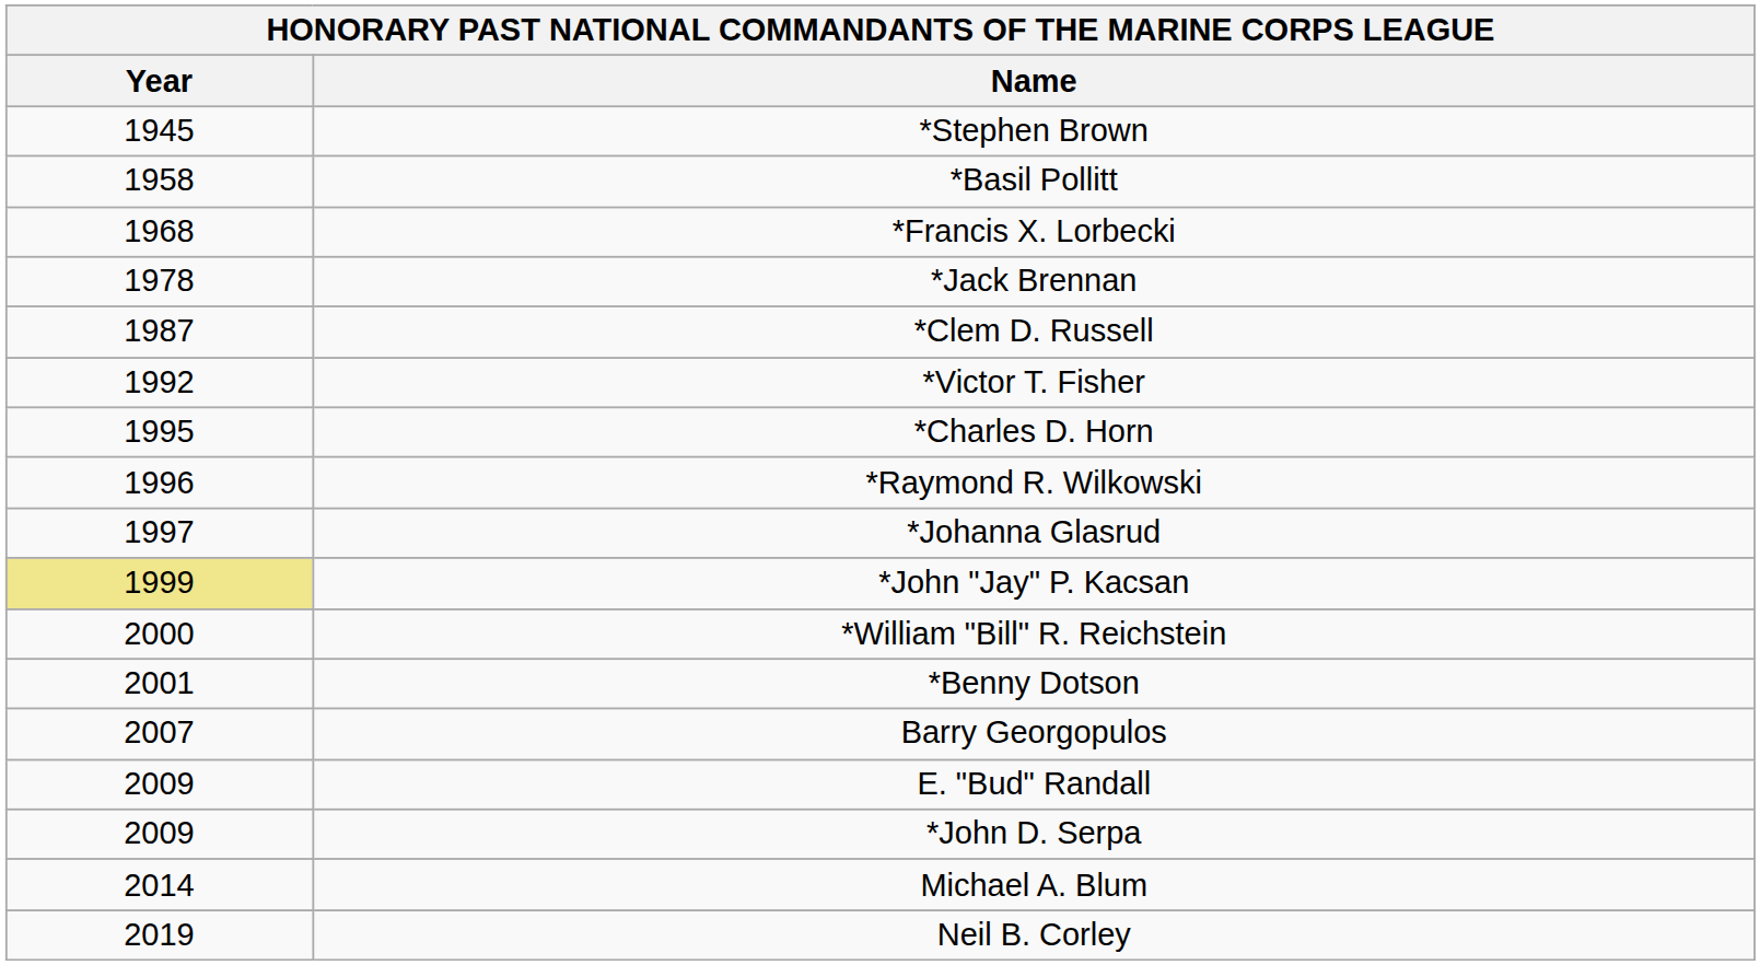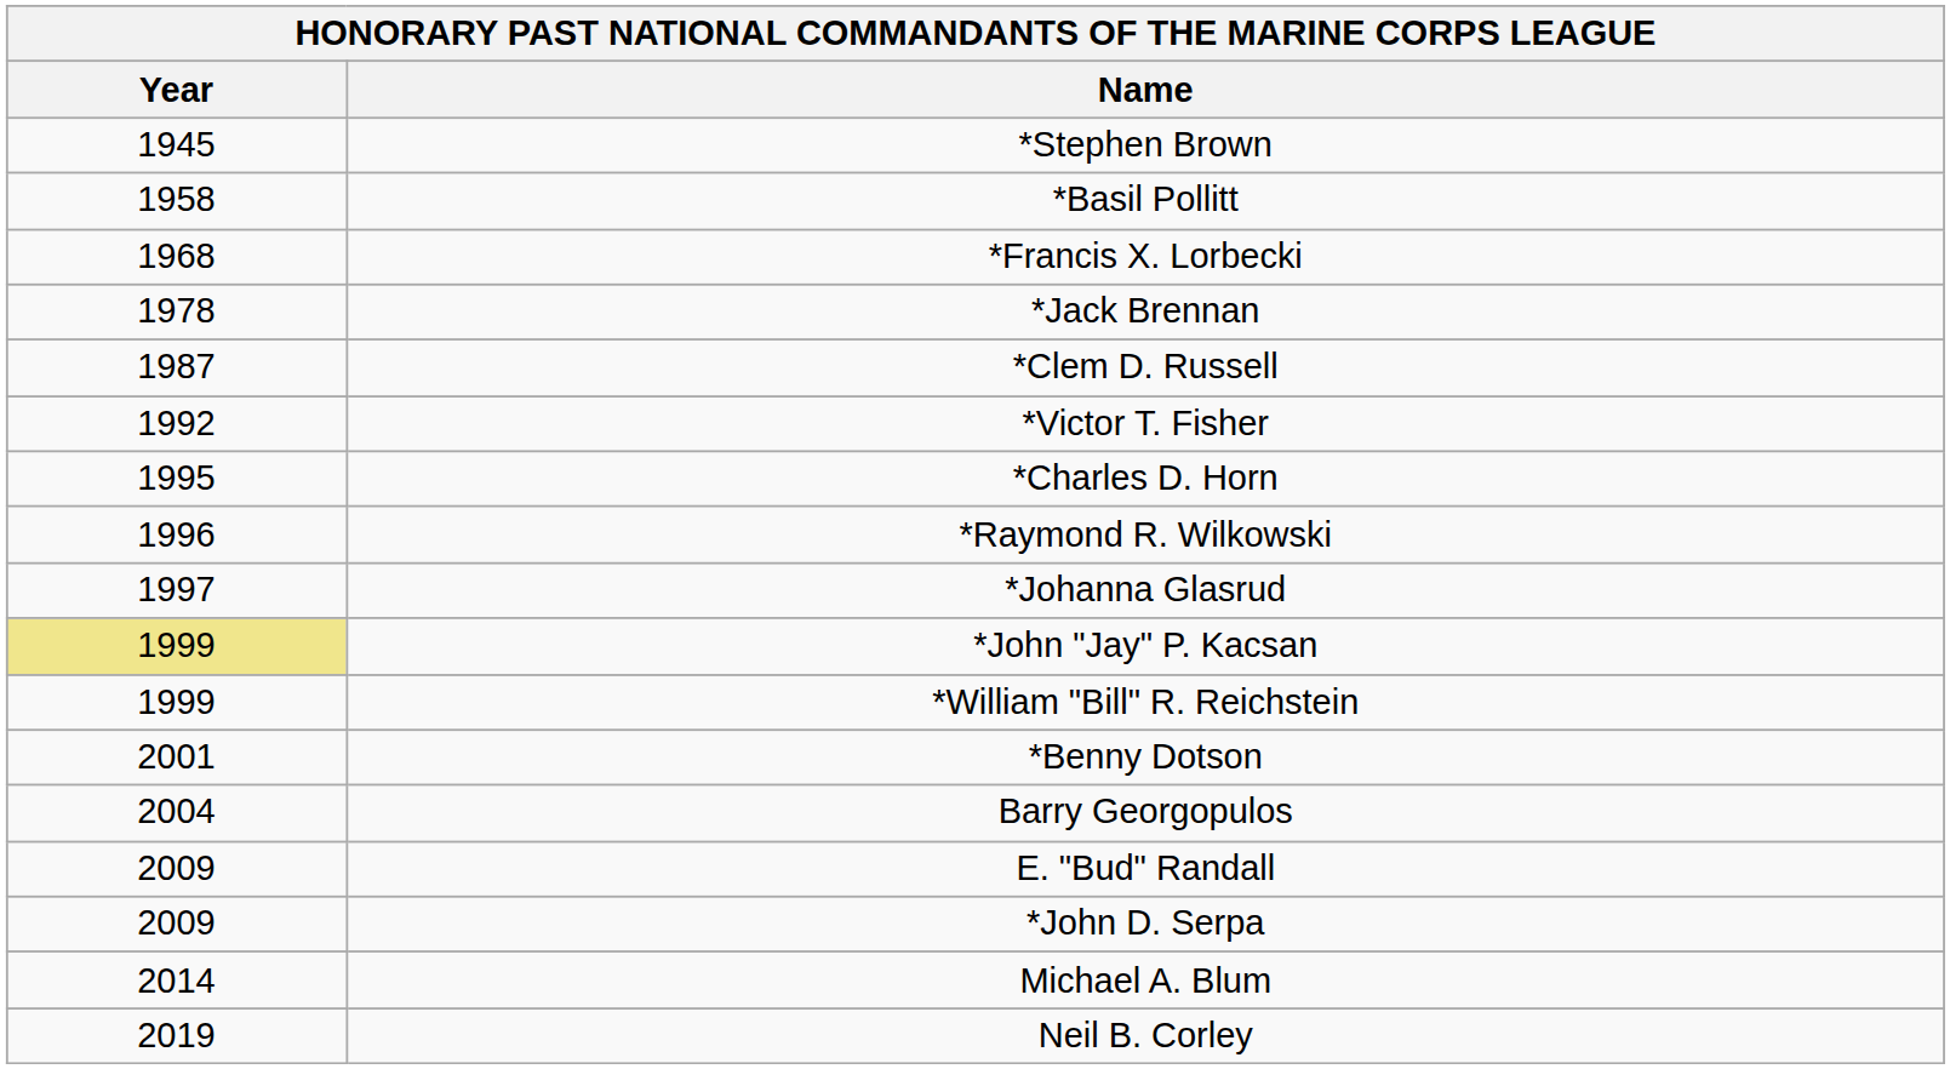 <table class="wikitable" style="margin-left: auto; margin-right: auto; border: none; width:70%; text-align:center; cellpadding: 2; cellspacing: 0;">
 <tr>
 <th colspan="5">HONORARY PAST NATIONAL COMMANDANTS OF THE MARINE CORPS LEAGUE</th>
 </tr>
 <tr>
 <th>Year</th>
 <th>Name</th>
 </tr>
 <tr>
 <td style="text-align:center;">1945</td>
 <td style="text-align:center;">*Stephen Brown</td>
 </tr>
 <tr>
 <td style="text-align:center;">1958</td>
 <td style="text-align:center;">*Basil Pollitt</td>
 </tr>
 <tr>
 <td style="text-align:center;">1968</td>
 <td style="text-align:center;">*Francis X. Lorbecki</td>
 </tr>
 <tr>
 <td style="text-align:center;">1978</td>
 <td style="text-align:center;">*Jack Brennan</td>
 </tr>
 <tr>
 <td style="text-align:center;">1987</td>
 <td style="text-align:center;">*Clem D. Russell</td>
 </tr>
 <tr>
 <td style="text-align:center;">1992</td>
 <td style="text-align:center;">*Victor T. Fisher</td>
 </tr>
 <tr>
 <td style="text-align:center;">1995</td>
 <td style="text-align:center;">*Charles D. Horn</td>
 </tr>
 <tr>
 <td style="text-align:center;">1996</td>
 <td style="text-align:center;">*Raymond R. Wilkowski</td>
 </tr>
 <tr>
 <td style="text-align:center;">1997</td>
 <td style="text-align:center;">*Johanna Glasrud</td>
 </tr>
 <tr>
 <td style="background: khaki; text-align:center;">1999</td>
 <td style="text-align:center;">*John "Jay" P. Kacsan</td>
 </tr>
 <tr>
-<td style="text-align:center;">2000</td>
+<td style="text-align:center;">1999</td>
 <td style="text-align:center;">*William "Bill" R. Reichstein</td>
 </tr>
 <tr>
 <td style="text-align:center;">2001</td>
 <td style="text-align:center;">*Benny Dotson</td>
 </tr>
 <tr>
-<td style="text-align:center;">2007</td>
+<td style="text-align:center;">2004</td>
 <td style="text-align:center;">Barry Georgopulos</td>
 </tr>
 <tr>
 <td style="text-align:center;">2009</td>
 <td style="text-align:center;">E. "Bud" Randall</td>
 </tr>
 <tr>
 <td style="text-align:center;">2009</td>
 <td style="text-align:center;">*John D. Serpa</td>
 </tr>
 <tr>
 <td style="text-align:center;">2014</td>
 <td style="text-align:center;">Michael A. Blum</td>
 </tr>
 <tr>
 <td style="text-align:center;">2019</td>
 <td style="text-align:center;">Neil B. Corley</td>
 </tr>
 </table>
